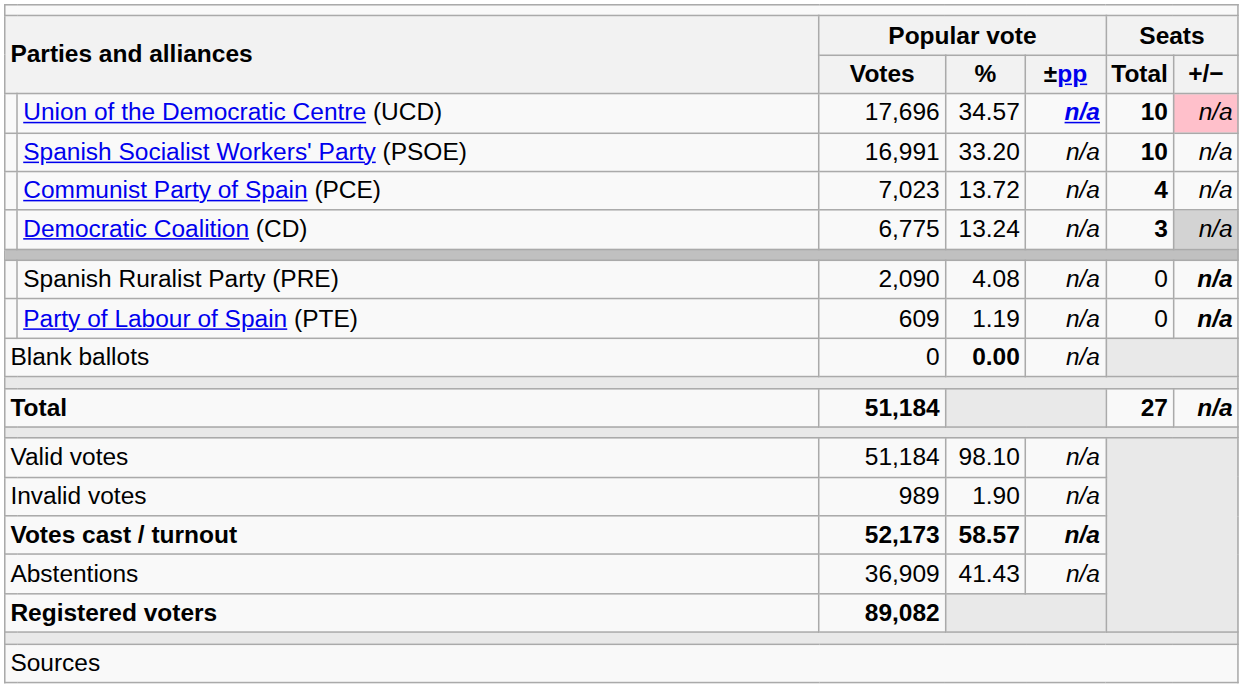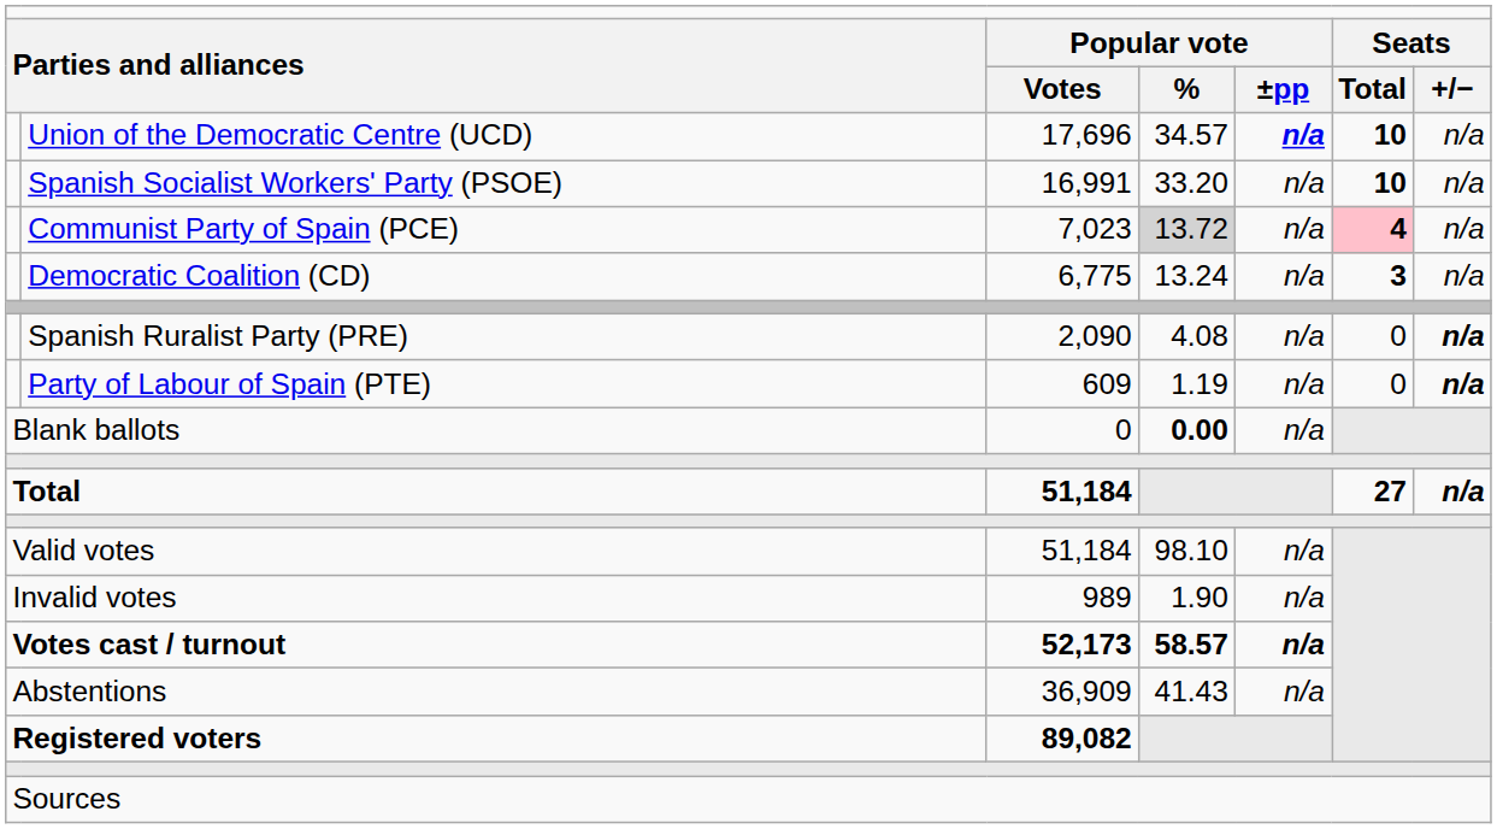 <table class="wikitable" style="text-align:right;">
 <tr>
 <td colspan="7"></td>
 </tr>
 <tr>
 <th style="text-align:left;" rowspan="2" colspan="2" width="525">Parties and alliances</th>
 <th colspan="3">Popular vote</th>
 <th colspan="2">Seats</th>
 </tr>
 <tr>
 <th width="75">Votes</th>
 <th width="45">%</th>
 <th width="45">±<a href='#'>pp</a></th>
 <th width="35">Total</th>
 <th width="35">+/−</th>
 </tr>
 <tr>
 <td width="1" style="color:inherit;background:"></td>
 <td align="left"><a href='#'>Union of the Democratic Centre</a> (UCD)</td>
 <td>17,696</td>
 <td>34.57</td>
 <td><strong><em><a href='#'>n/a</a></em></strong></td>
 <td><strong>10</strong></td>
-<td style="background: pink;"><em>n/a</em></td>
+<td><em>n/a</em></td>
 </tr>
 <tr>
 <td style="color:inherit;background:"></td>
 <td align="left"><a href='#'>Spanish Socialist Workers' Party</a> (PSOE)</td>
 <td>16,991</td>
 <td>33.20</td>
 <td><em>n/a</em></td>
 <td><strong>10</strong></td>
 <td><em>n/a</em></td>
 </tr>
 <tr>
 <td style="color:inherit;background:"></td>
 <td align="left"><a href='#'>Communist Party of Spain</a> (PCE)</td>
 <td>7,023</td>
-<td>13.72</td>
+<td style="background: lightgrey;">13.72</td>
 <td><em>n/a</em></td>
-<td><strong>4</strong></td>
+<td style="background: pink;"><strong>4</strong></td>
 <td><em>n/a</em></td>
 </tr>
 <tr>
 <td style="color:inherit;background:"></td>
 <td align="left"><a href='#'>Democratic Coalition</a> (CD)</td>
 <td>6,775</td>
 <td>13.24</td>
 <td><em>n/a</em></td>
 <td><strong>3</strong></td>
-<td style="background: lightgrey;"><em>n/a</em></td>
+<td><em>n/a</em></td>
 </tr>
 <tr>
 <td colspan="7" bgcolor="#C0C0C0"></td>
 </tr>
 <tr>
 <td style="color:inherit;background:"></td>
 <td align="left">Spanish Ruralist Party (PRE)</td>
 <td>2,090</td>
 <td>4.08</td>
 <td><em>n/a</em></td>
 <td>0</td>
 <td><strong><em>n/a</em></strong></td>
 </tr>
 <tr>
 <td style="color:inherit;background:"></td>
 <td align="left"><a href='#'>Party of Labour of Spain</a> (PTE)</td>
 <td>609</td>
 <td>1.19</td>
 <td><em>n/a</em></td>
 <td>0</td>
 <td><strong><em>n/a</em></strong></td>
 </tr>
 <tr>
 <td align="left" colspan="2">Blank ballots</td>
 <td>0</td>
 <td><strong>0.00</strong></td>
 <td><em>n/a</em></td>
 <td bgcolor="#E9E9E9" colspan="2"></td>
 </tr>
 <tr>
 <td colspan="7" bgcolor="#E9E9E9"></td>
 </tr>
 <tr style="font-weight:bold;">
 <td align="left" colspan="2">Total</td>
 <td>51,184</td>
 <td bgcolor="#E9E9E9" colspan="2"></td>
 <td>27</td>
 <td><em>n/a</em></td>
 </tr>
 <tr>
 <td colspan="7" bgcolor="#E9E9E9"></td>
 </tr>
 <tr>
 <td align="left" colspan="2">Valid votes</td>
 <td>51,184</td>
 <td>98.10</td>
 <td><em>n/a</em></td>
 <td bgcolor="#E9E9E9" colspan="2" rowspan="5"></td>
 </tr>
 <tr>
 <td align="left" colspan="2">Invalid votes</td>
 <td>989</td>
 <td>1.90</td>
 <td><em>n/a</em></td>
 </tr>
 <tr style="font-weight:bold;">
 <td align="left" colspan="2">Votes cast / turnout</td>
 <td>52,173</td>
 <td>58.57</td>
 <td><em>n/a</em></td>
 </tr>
 <tr>
 <td align="left" colspan="2">Abstentions</td>
 <td>36,909</td>
 <td>41.43</td>
 <td><em>n/a</em></td>
 </tr>
 <tr style="font-weight:bold;">
 <td align="left" colspan="2">Registered voters</td>
 <td>89,082</td>
 <td bgcolor="#E9E9E9" colspan="2"></td>
 </tr>
 <tr>
 <td colspan="7" bgcolor="#E9E9E9"></td>
 </tr>
 <tr>
 <td align="left" colspan="7">Sources</td>
 </tr>
 </table>
